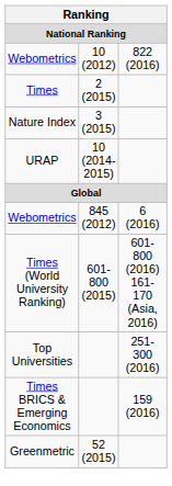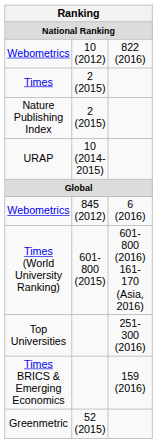 <table class="wikitable" style="float:right; width:25%; text-align:center;">
 <tr>
 <th colspan="3">Ranking</th>
 </tr>
 <tr>
 <th colspan="3" style="background:gainsboro;"><small>National Ranking</small></th>
 </tr>
 <tr>
 <td style="width:12%;"><a href='#'>Webometrics</a></td>
 <td style="width:5%;">10 (2012)</td>
 <td>822 (2016)</td>
 </tr>
 <tr>
 <td style="width:12%;"><a href='#'>Times</a></td>
 <td style="width:5%;">2 (2015)</td>
 <td></td>
 </tr>
 <tr>
-<td style="width:12%;">Nature Index</td>
-<td style="width:5%;">3 (2015)</td>
+<td style="width:12%;">Nature Publishing Index</td>
+<td style="width:5%;">2 (2015)</td>
 <td></td>
 </tr>
 <tr>
 <td>URAP</td>
 <td>10 (2014-2015)</td>
 <td></td>
 </tr>
 <tr>
 <th colspan="3" style="background:gainsboro;"><small>Global</small></th>
 </tr>
 <tr>
 <td style="width:10%;"><a href='#'>Webometrics</a></td>
 <td style="width:5%;">845 (2012)</td>
 <td>6 (2016)</td>
 </tr>
 <tr>
 <td style="width:12%;"><a href='#'>Times</a><br>(World University Ranking)</td>
 <td>601-800 (2015)</td>
 <td>601-800<br>(2016) 161-170 (Asia, 2016)</td>
 </tr>
 <tr>
 <td>Top Universities</td>
 <td></td>
 <td>251-300 (2016)</td>
 </tr>
 <tr>
 <td><a href='#'>Times</a><br>BRICS & Emerging Economics</td>
 <td></td>
 <td>159 (2016)</td>
 </tr>
 <tr>
 <td>Greenmetric</td>
 <td>52 (2015)</td>
 <td></td>
 </tr>
 </table>
